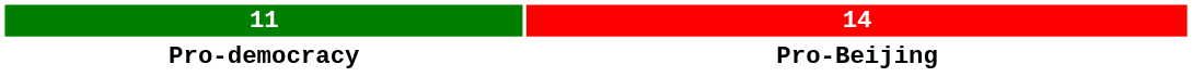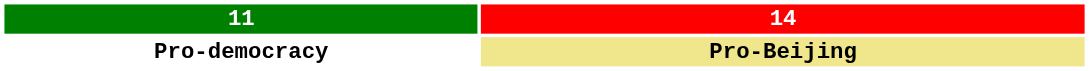 <table style="width:50%; text-align:center;">
 <tr style="color:white;">
 <td style="background:green; width:44%;"><strong>11</strong></td>
 <td style="background:red; width:56%;"><strong>14</strong></td>
 </tr>
 <tr>
 <td><span><strong>Pro-democracy</strong></span></td>
-<td><span><strong>Pro-Beijing</strong></span></td>
+<td style="background: khaki;"><span><strong>Pro-Beijing</strong></span></td>
 </tr>
 </table>
